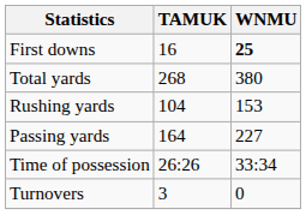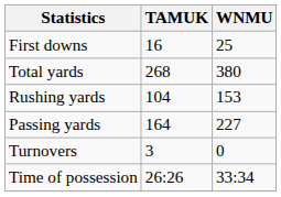 <table class="wikitable">
 <tr>
 <th>Statistics</th>
 <th>TAMUK</th>
 <th>WNMU</th>
 </tr>
 <tr>
 <td>First downs</td>
 <td>16</td>
-<td><strong>25</strong></td>
+<td>25</td>
 </tr>
 <tr>
 <td>Total yards</td>
 <td>268</td>
 <td>380</td>
 </tr>
 <tr>
 <td>Rushing yards</td>
 <td>104</td>
 <td>153</td>
 </tr>
 <tr>
 <td>Passing yards</td>
 <td>164</td>
 <td>227</td>
 </tr>
 <tr>
+<td>Turnovers</td>
+<td>3</td>
+<td>0</td>
+</tr>
+<tr>
 <td>Time of possession</td>
 <td>26:26</td>
 <td>33:34</td>
 </tr>
 <tr>
-<td>Turnovers</td>
-<td>3</td>
-<td>0</td>
-</tr>
-<tr>
 </tr>
 </table>
